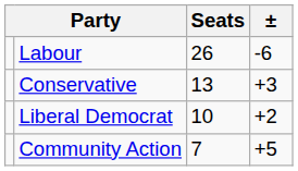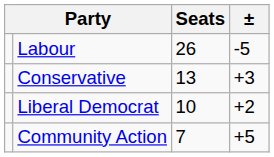 <table class="wikitable">
 <tr>
 <th colspan="2">Party</th>
 <th>Seats</th>
 <th>  ±  </th>
 </tr>
 <tr>
 <td style="background-color: "></td>
 <td><a href='#'>Labour</a></td>
 <td>26</td>
-<td>-6</td>
+<td>-5</td>
 </tr>
 <tr>
 <td style="background-color: "></td>
 <td><a href='#'>Conservative</a></td>
 <td>13</td>
 <td>+3</td>
 </tr>
 <tr>
 <td style="background-color: "></td>
 <td><a href='#'>Liberal Democrat</a></td>
 <td>10</td>
 <td>+2</td>
 </tr>
 <tr>
 <td style="background-color: "></td>
 <td><a href='#'>Community Action</a></td>
 <td>7</td>
 <td>+5</td>
 </tr>
 </table>
